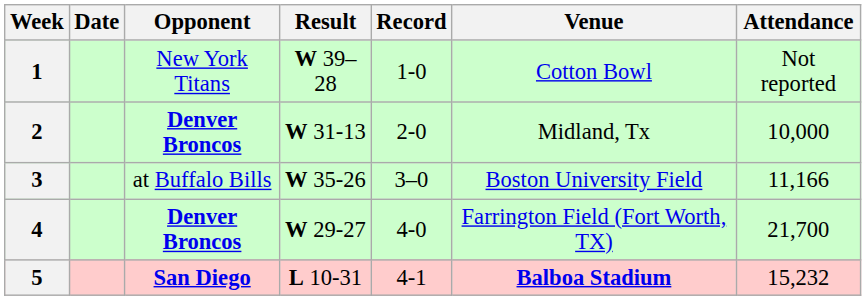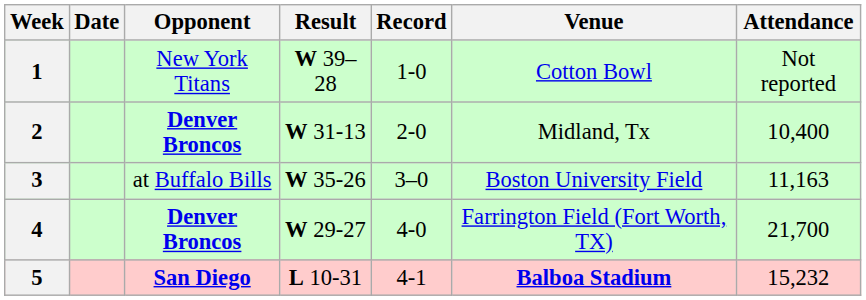 <table class="wikitable" style="text-align:center">
 <tr>
 <th>Week</th>
 <th>Date</th>
 <th>Opponent</th>
 <th>Result</th>
 <th>Record</th>
 <th>Venue</th>
 <th>Attendance</th>
 </tr>
 <tr style="background:#cfc">
 <th>1</th>
 <td></td>
 <td><a href='#'>New York Titans</a></td>
 <td><strong>W</strong> 39–28</td>
 <td>1-0</td>
 <td><a href='#'>Cotton Bowl</a></td>
 <td>Not reported</td>
 </tr>
 <tr style="background:#cfc">
 <th>2</th>
 <td></td>
 <td><strong><a href='#'>Denver Broncos</a></strong></td>
 <td><strong>W</strong> 31-13</td>
 <td>2-0</td>
 <td>Midland, Tx</td>
-<td>10,000</td>
+<td>10,400</td>
 </tr>
 <tr style="background:#cfc">
 <th>3</th>
 <td></td>
 <td>at <a href='#'>Buffalo Bills</a></td>
 <td><strong>W</strong> 35-26</td>
 <td>3–0</td>
 <td><a href='#'>Boston University Field</a></td>
-<td>11,166</td>
+<td>11,163</td>
 </tr>
 <tr style="background:#cfc">
 <th>4</th>
 <td></td>
 <td><strong><a href='#'>Denver Broncos</a></strong></td>
 <td><strong>W</strong> 29-27</td>
 <td>4-0</td>
 <td><a href='#'>Farrington Field (Fort Worth, TX)</a></td>
 <td>21,700</td>
 </tr>
 <tr style="background:#fcc">
 <th>5</th>
 <td></td>
 <td><strong><a href='#'>San Diego</a></strong></td>
 <td><strong>L</strong> 10-31</td>
 <td>4-1</td>
 <td><strong><a href='#'>Balboa Stadium</a></strong></td>
 <td>15,232</td>
 </tr>
 </table>
